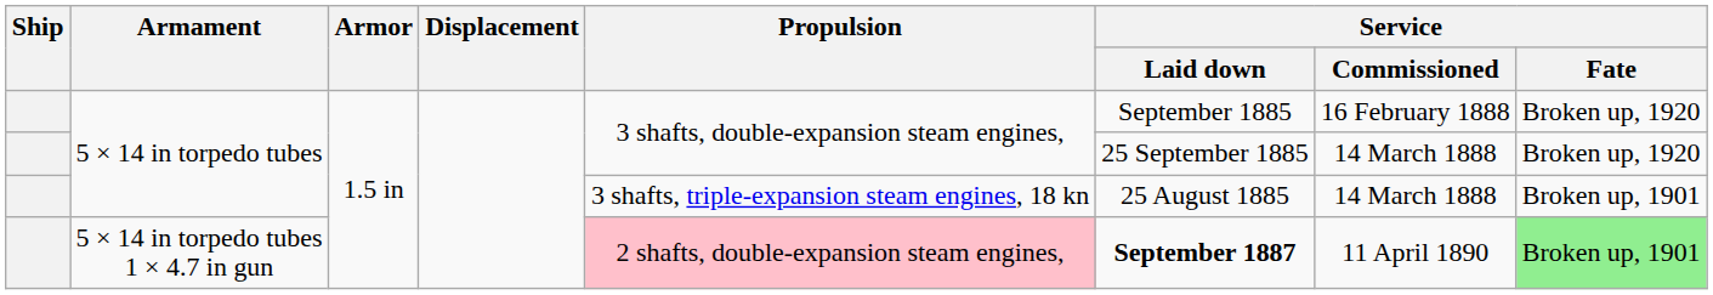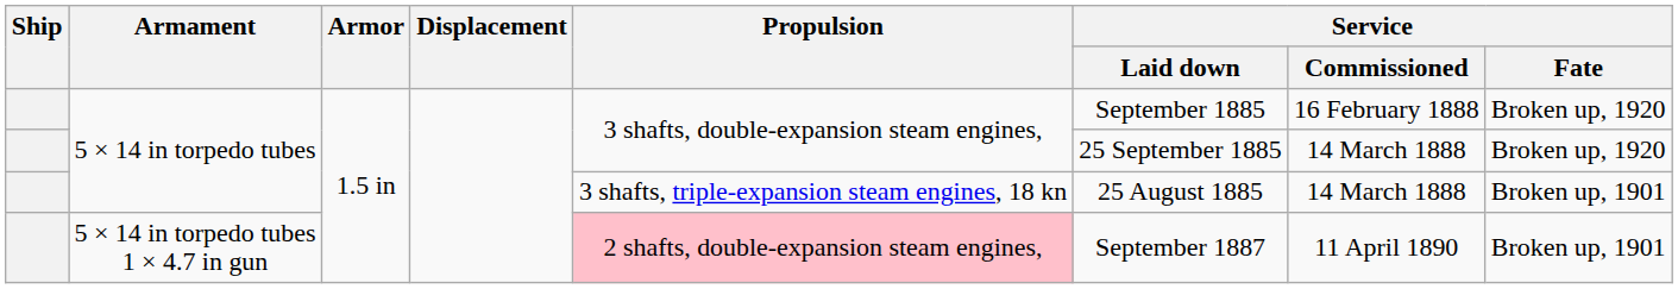 <table class="wikitable plainrowheaders" style="text-align: center;">
 <tr valign="top">
 <th scope="col" rowspan="2">Ship</th>
 <th scope="col" rowspan="2">Armament</th>
 <th scope="col" rowspan="2">Armor</th>
 <th scope="col" rowspan="2">Displacement</th>
 <th scope="col" rowspan="2">Propulsion</th>
 <th scope="col" colspan="3">Service</th>
 </tr>
 <tr valign="top">
 <th scope="col">Laid down</th>
 <th scope="col">Commissioned</th>
 <th scope="col">Fate</th>
 </tr>
 <tr valign="center">
 <th scope="row"></th>
 <td rowspan="3">5 × 14 in torpedo tubes</td>
 <td rowspan="4">1.5 in</td>
 <td rowspan="4"></td>
 <td rowspan="2">3 shafts, double-expansion steam engines, </td>
 <td>September 1885</td>
 <td>16 February 1888</td>
 <td>Broken up, 1920</td>
 </tr>
 <tr valign="center">
 <th scope="row"></th>
 <td>25 September 1885</td>
 <td>14 March 1888</td>
 <td>Broken up, 1920</td>
 </tr>
 <tr valign="center">
 <th scope="row"></th>
 <td>3 shafts, <a href='#'>triple-expansion steam engines</a>, 18 kn</td>
 <td>25 August 1885</td>
 <td>14 March 1888</td>
 <td>Broken up, 1901</td>
 </tr>
 <tr valign="center">
 <th scope="row"></th>
 <td>5 × 14 in torpedo tubes<br>1 × 4.7 in gun</td>
 <td style="background: pink;">2 shafts, double-expansion steam engines, </td>
-<td><strong>September 1887</strong></td>
+<td>September 1887</td>
 <td>11 April 1890</td>
-<td style="background: lightgreen;">Broken up, 1901</td>
+<td>Broken up, 1901</td>
 </tr>
 </table>
